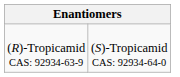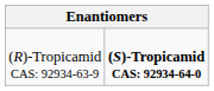 <table class="wikitable" style="text-align:center">
 <tr>
 <th colspan="2">Enantiomers</th>
 </tr>
 <tr>
 <td><br>(<em>R</em>)-Tropicamid<br><small>CAS: 92934-63-9</small></td>
-<td><br>(<em>S</em>)-Tropicamid<br><small>CAS: 92934-64-0</small></td>
+<td><strong><br>(<em>S</em>)-Tropicamid<br><small>CAS: 92934-64-0</small></strong></td>
 </tr>
 </table>
